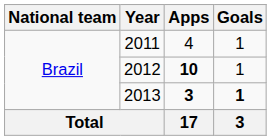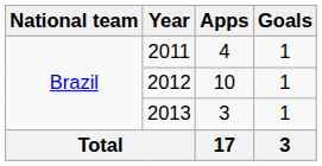 <table class="wikitable" style="text-align:center">
 <tr>
 <th>National team</th>
 <th>Year</th>
 <th>Apps</th>
 <th>Goals</th>
 </tr>
 <tr>
 <td rowspan="3"><a href='#'>Brazil</a></td>
 <td>2011</td>
 <td>4</td>
 <td>1</td>
 </tr>
 <tr>
 <td>2012</td>
-<td><strong>10</strong></td>
+<td>10</td>
 <td>1</td>
 </tr>
 <tr>
 <td>2013</td>
-<td><strong>3</strong></td>
-<td><strong>1</strong></td>
+<td>3</td>
+<td>1</td>
 </tr>
 <tr>
 <th colspan="2">Total</th>
 <th>17</th>
 <th>3</th>
 </tr>
 </table>
